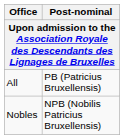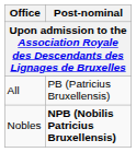 <table class="wikitable" width=30%>
 <tr>
 <th>Office</th>
 <th>Post-nominal</th>
 </tr>
 <tr>
 <th colspan=2>Upon admission to the <em><a href='#'>Association Royale des Descendants des Lignages de Bruxelles</a></em></th>
 </tr>
 <tr>
 <td>All</td>
 <td>PB (Patricius Bruxellensis)</td>
 </tr>
 <tr>
 <td>Nobles</td>
-<td>NPB (Nobilis Patricius Bruxellensis)</td>
+<td><strong>NPB (Nobilis Patricius Bruxellensis)</strong></td>
 </tr>
 </table>
